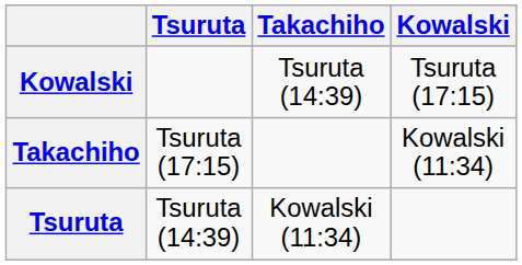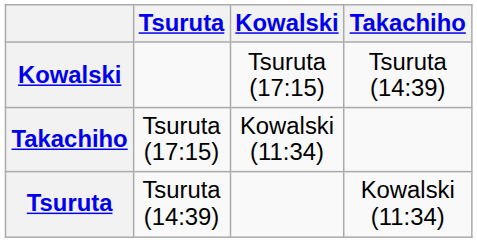 <table class="wikitable" style="margin: 1em auto 1em auto; text-align:center;">
 <tr>
 <th></th>
 <th><a href='#'>Tsuruta</a></th>
+<th><a href='#'>Kowalski</a></th>
 <th><a href='#'>Takachiho</a></th>
-<th><a href='#'>Kowalski</a></th>
 </tr>
 <tr>
 <th><a href='#'>Kowalski</a></th>
 <td></td>
+<td>Tsuruta<br>(17:15)</td>
 <td>Tsuruta<br>(14:39)</td>
-<td>Tsuruta<br>(17:15)</td>
 </tr>
 <tr>
 <th><a href='#'>Takachiho</a></th>
 <td>Tsuruta<br>(17:15)</td>
+<td>Kowalski<br>(11:34)</td>
 <td></td>
-<td>Kowalski<br>(11:34)</td>
 </tr>
 <tr>
 <th><a href='#'>Tsuruta</a></th>
 <td>Tsuruta<br>(14:39)</td>
+<td></td>
 <td>Kowalski<br>(11:34)</td>
-<td></td>
 </tr>
 </table>
